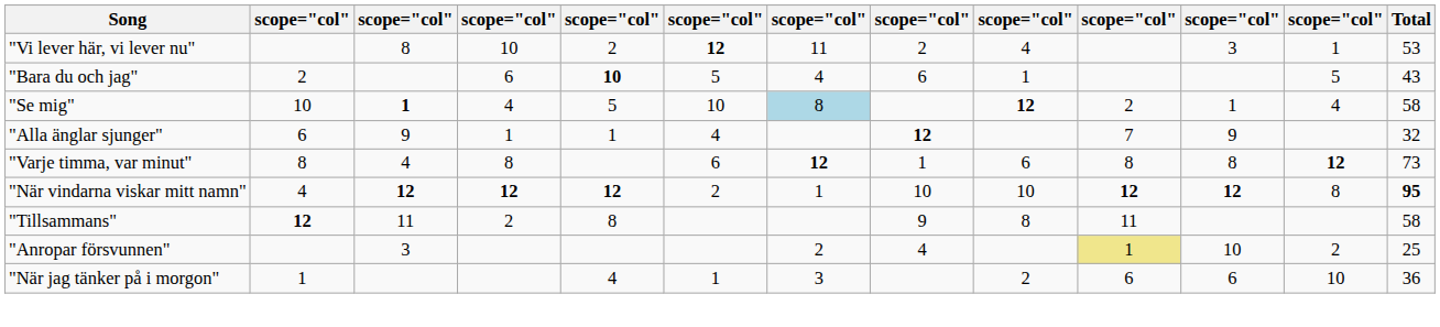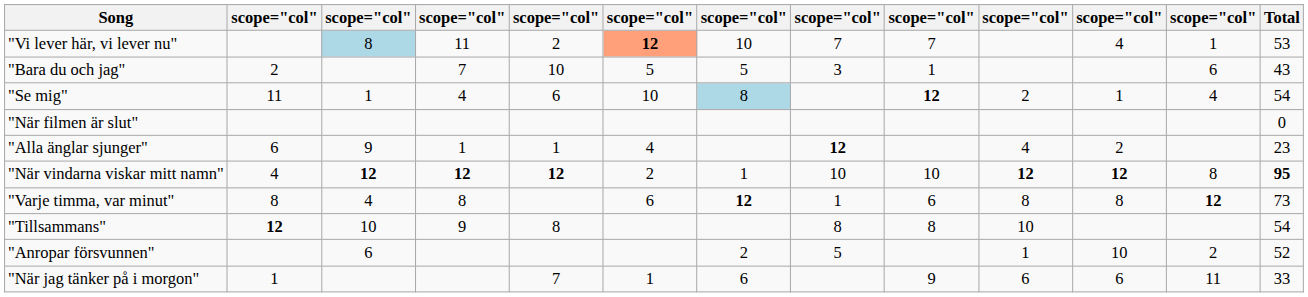 <table class="wikitable" style="margin: 1em auto 1em auto; text-align:center;">
 <tr>
 </tr>
 <tr>
 <th scope="col">Song</th>
 <th>scope="col" </th>
 <th>scope="col" </th>
 <th>scope="col" </th>
 <th>scope="col" </th>
 <th>scope="col" </th>
 <th>scope="col" </th>
 <th>scope="col" </th>
 <th>scope="col" </th>
 <th>scope="col" </th>
 <th>scope="col" </th>
 <th>scope="col" </th>
 <th scope="col">Total</th>
 </tr>
 <tr>
 <td align="left">"Vi lever här, vi lever nu"</td>
 <td></td>
-<td>8</td>
-<td>10</td>
-<td>2</td>
-<td><strong>12</strong></td>
+<td style="background: lightblue;">8</td>
 <td>11</td>
 <td>2</td>
+<td style="background: lightsalmon;"><strong>12</strong></td>
+<td>10</td>
+<td>7</td>
+<td>7</td>
+<td></td>
 <td>4</td>
-<td></td>
-<td>3</td>
 <td>1</td>
 <td>53</td>
 </tr>
 <tr>
 <td align="left">"Bara du och jag"</td>
 <td>2</td>
 <td></td>
-<td>6</td>
-<td><strong>10</strong></td>
+<td>7</td>
+<td>10</td>
 <td>5</td>
-<td>4</td>
-<td>6</td>
+<td>5</td>
+<td>3</td>
 <td>1</td>
 <td></td>
 <td></td>
-<td>5</td>
+<td>6</td>
 <td>43</td>
 </tr>
 <tr>
 <td align="left">"Se mig"</td>
-<td>10</td>
-<td><strong>1</strong></td>
+<td>11</td>
+<td>1</td>
 <td>4</td>
-<td>5</td>
+<td>6</td>
 <td>10</td>
 <td style="background: lightblue;">8</td>
 <td></td>
 <td><strong>12</strong></td>
 <td>2</td>
 <td>1</td>
 <td>4</td>
-<td>58</td>
+<td>54</td>
+</tr>
+<tr>
+<td align="left">"När filmen är slut"</td>
+<td></td>
+<td></td>
+<td></td>
+<td></td>
+<td></td>
+<td></td>
+<td></td>
+<td></td>
+<td></td>
+<td></td>
+<td></td>
+<td>0</td>
 </tr>
 <tr>
 <td align="left">"Alla änglar sjunger"</td>
 <td>6</td>
 <td>9</td>
 <td>1</td>
 <td>1</td>
 <td>4</td>
 <td></td>
 <td><strong>12</strong></td>
 <td></td>
-<td>7</td>
-<td>9</td>
+<td>4</td>
+<td>2</td>
 <td></td>
-<td>32</td>
+<td>23</td>
+</tr>
+<tr>
+<td align="left">"När vindarna viskar mitt namn"</td>
+<td>4</td>
+<td><strong>12</strong></td>
+<td><strong>12</strong></td>
+<td><strong>12</strong></td>
+<td>2</td>
+<td>1</td>
+<td>10</td>
+<td>10</td>
+<td><strong>12</strong></td>
+<td><strong>12</strong></td>
+<td>8</td>
+<td><strong>95</strong></td>
 </tr>
 <tr>
 <td align="left">"Varje timma, var minut"</td>
 <td>8</td>
 <td>4</td>
 <td>8</td>
 <td></td>
 <td>6</td>
 <td><strong>12</strong></td>
 <td>1</td>
 <td>6</td>
 <td>8</td>
 <td>8</td>
 <td><strong>12</strong></td>
 <td>73</td>
 </tr>
 <tr>
-<td align="left">"När vindarna viskar mitt namn"</td>
-<td>4</td>
-<td><strong>12</strong></td>
-<td><strong>12</strong></td>
-<td><strong>12</strong></td>
-<td>2</td>
-<td>1</td>
-<td>10</td>
-<td>10</td>
-<td><strong>12</strong></td>
-<td><strong>12</strong></td>
-<td>8</td>
-<td><strong>95</strong></td>
-</tr>
-<tr>
 <td align="left">"Tillsammans"</td>
 <td><strong>12</strong></td>
-<td>11</td>
-<td>2</td>
+<td>10</td>
+<td>9</td>
 <td>8</td>
 <td></td>
 <td></td>
-<td>9</td>
 <td>8</td>
-<td>11</td>
+<td>8</td>
+<td>10</td>
 <td></td>
 <td></td>
-<td>58</td>
+<td>54</td>
 </tr>
 <tr>
 <td align="left">"Anropar försvunnen"</td>
 <td></td>
-<td>3</td>
+<td>6</td>
 <td></td>
 <td></td>
 <td></td>
 <td>2</td>
-<td>4</td>
+<td>5</td>
 <td></td>
-<td style="background: khaki;">1</td>
+<td>1</td>
 <td>10</td>
 <td>2</td>
-<td>25</td>
+<td>52</td>
 </tr>
 <tr>
 <td align="left">"När jag tänker på i morgon"</td>
 <td>1</td>
 <td></td>
 <td></td>
-<td>4</td>
+<td>7</td>
 <td>1</td>
-<td>3</td>
+<td>6</td>
 <td></td>
-<td>2</td>
+<td>9</td>
 <td>6</td>
 <td>6</td>
-<td>10</td>
-<td>36</td>
+<td>11</td>
+<td>33</td>
 </tr>
 </table>
